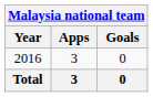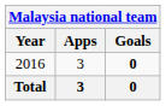 <table class="wikitable" style="text-align:center">
 <tr>
 <th colspan=3><a href='#'>Malaysia national team</a></th>
 </tr>
 <tr>
 <th>Year</th>
 <th>Apps</th>
 <th>Goals</th>
 </tr>
 <tr>
 <td>2016</td>
 <td>3</td>
-<td>0</td>
+<td><strong>0</strong></td>
 </tr>
 <tr>
 <th>Total</th>
 <th>3</th>
 <th>0</th>
 </tr>
 </table>
